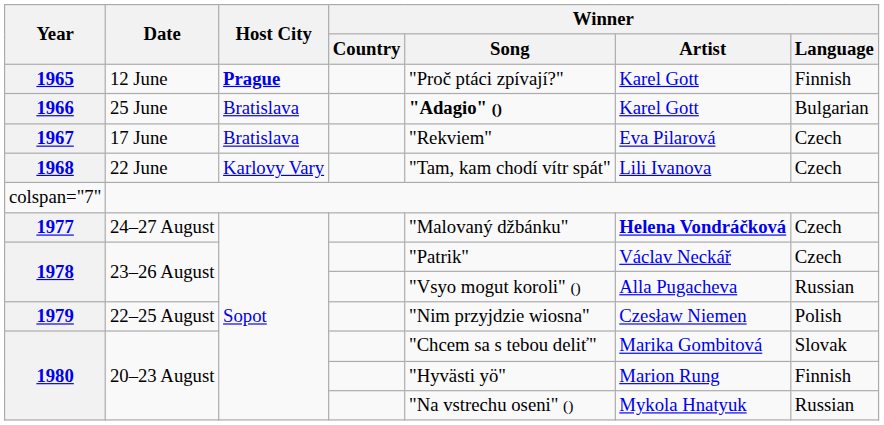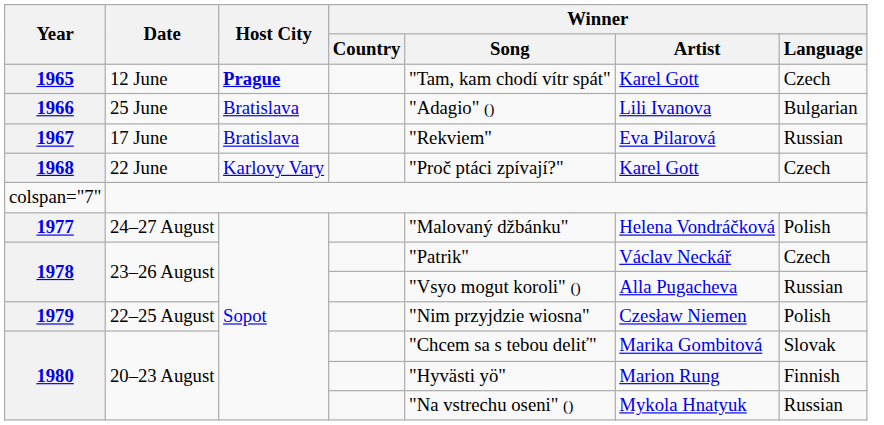 <table class="wikitable sortable plainrowheaders" style="font-size: 95">
 <tr>
 <th rowspan="2">Year</th>
 <th rowspan="2">Date</th>
 <th rowspan="2">Host City</th>
 <th colspan="4">Winner</th>
 </tr>
 <tr>
 <th scope="col">Country</th>
 <th scope="col">Song</th>
 <th scope="col">Artist</th>
 <th scope="col">Language</th>
 </tr>
 <tr>
 <th scope="row"><a href='#'>1965</a></th>
 <td>12 June</td>
 <td><strong> <a href='#'>Prague</a></strong></td>
 <td></td>
-<td>"Proč ptáci zpívají?"</td>
+<td>"Tam, kam chodí vítr spát"</td>
 <td><a href='#'>Karel Gott</a></td>
-<td>Finnish</td>
+<td>Czech</td>
 </tr>
 <tr>
 <th scope="row"><a href='#'>1966</a></th>
 <td>25 June</td>
 <td> <a href='#'>Bratislava</a></td>
 <td></td>
-<td><strong>"Adagio" <small>()</small></strong></td>
-<td><a href='#'>Karel Gott</a></td>
+<td>"Adagio" <small>()</small></td>
+<td><a href='#'>Lili Ivanova</a></td>
 <td>Bulgarian</td>
 </tr>
 <tr>
 <th scope="row"><a href='#'>1967</a></th>
 <td>17 June</td>
 <td> <a href='#'>Bratislava</a></td>
 <td></td>
 <td>"Rekviem"</td>
 <td><a href='#'>Eva Pilarová</a></td>
-<td>Czech</td>
+<td>Russian</td>
 </tr>
 <tr>
 <th scope="row"><a href='#'>1968</a></th>
 <td>22 June</td>
 <td> <a href='#'>Karlovy Vary</a></td>
 <td></td>
-<td>"Tam, kam chodí vítr spát"</td>
-<td><a href='#'>Lili Ivanova</a></td>
+<td>"Proč ptáci zpívají?"</td>
+<td><a href='#'>Karel Gott</a></td>
 <td>Czech</td>
 </tr>
 <tr>
 <td>colspan="7" </td>
 </tr>
 <tr>
 <th scope="row"><a href='#'>1977</a></th>
 <td>24–27 August</td>
 <td rowspan="7"> <a href='#'>Sopot</a></td>
 <td></td>
 <td>"Malovaný džbánku"</td>
-<td><strong><a href='#'>Helena Vondráčková</a></strong></td>
-<td>Czech</td>
+<td><a href='#'>Helena Vondráčková</a></td>
+<td>Polish</td>
 </tr>
 <tr>
 <th rowspan="2" scope="row"><a href='#'>1978</a></th>
 <td rowspan="2">23–26 August</td>
 <td></td>
 <td>"Patrik"</td>
 <td><a href='#'>Václav Neckář</a></td>
 <td>Czech</td>
 </tr>
 <tr>
 <td></td>
 <td>"Vsyo mogut koroli" <small>()</small></td>
 <td><a href='#'>Alla Pugacheva</a></td>
 <td>Russian</td>
 </tr>
 <tr>
 <th scope="row"><a href='#'>1979</a></th>
 <td>22–25 August</td>
 <td></td>
 <td>"Nim przyjdzie wiosna"</td>
 <td><a href='#'>Czesław Niemen</a></td>
 <td>Polish</td>
 </tr>
 <tr>
 <th rowspan="3" scope="row"><a href='#'>1980</a></th>
 <td rowspan="3">20–23 August</td>
 <td></td>
 <td>"Chcem sa s tebou deliť"</td>
 <td><a href='#'>Marika Gombitová</a></td>
 <td>Slovak</td>
 </tr>
 <tr>
 <td></td>
 <td>"Hyvästi yö"</td>
 <td><a href='#'>Marion Rung</a></td>
 <td>Finnish</td>
 </tr>
 <tr>
 <td></td>
 <td>"Na vstrechu oseni" <small>()</small></td>
 <td><a href='#'>Mykola Hnatyuk</a></td>
 <td>Russian</td>
 </tr>
 </table>
